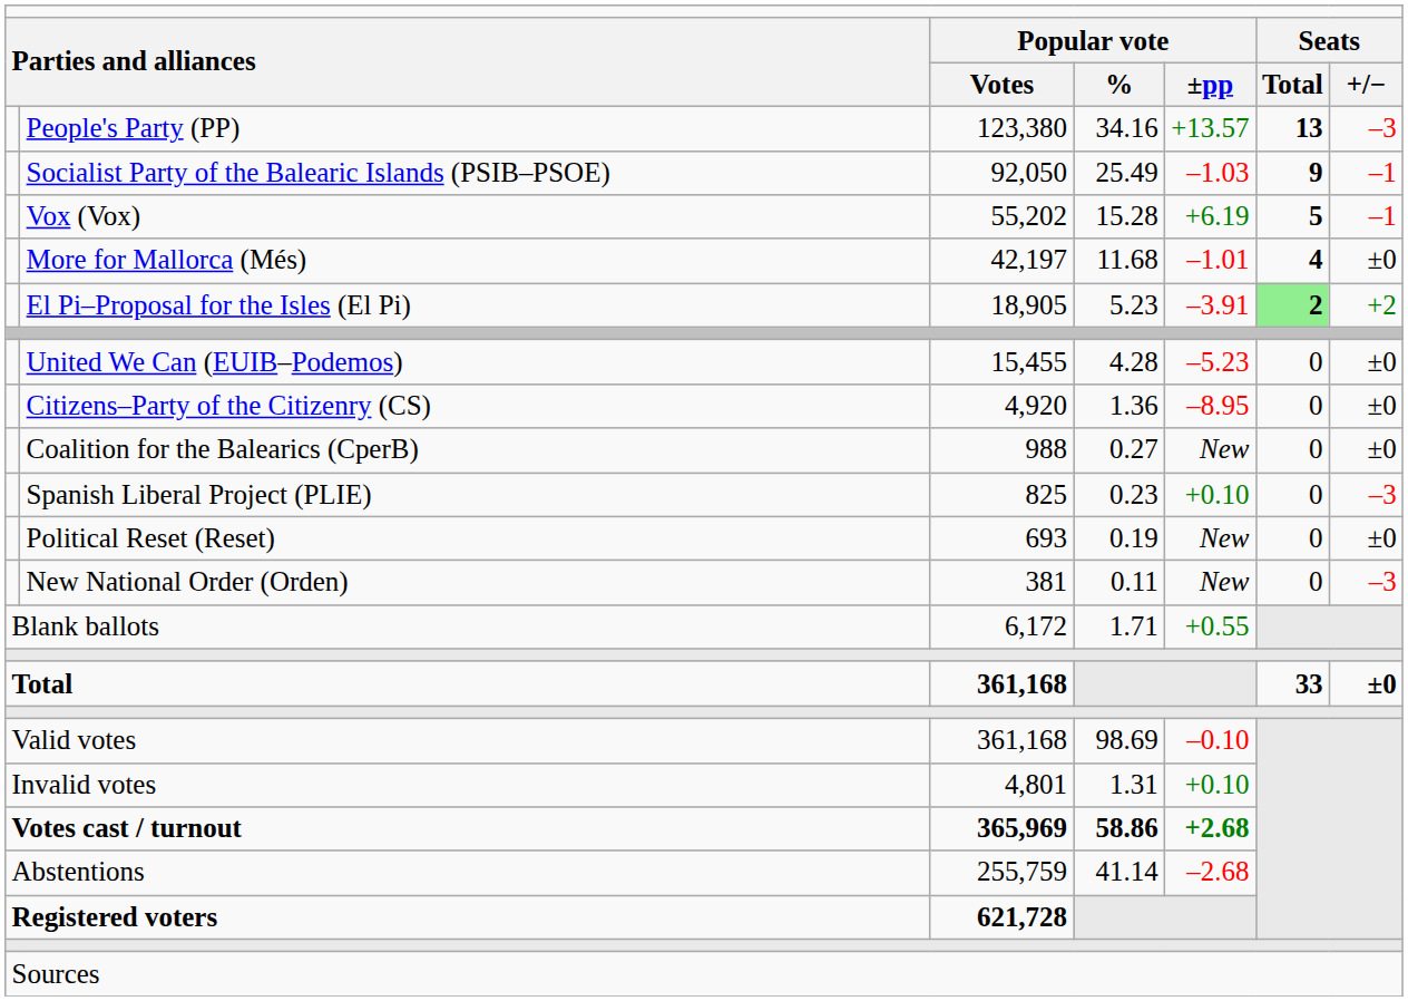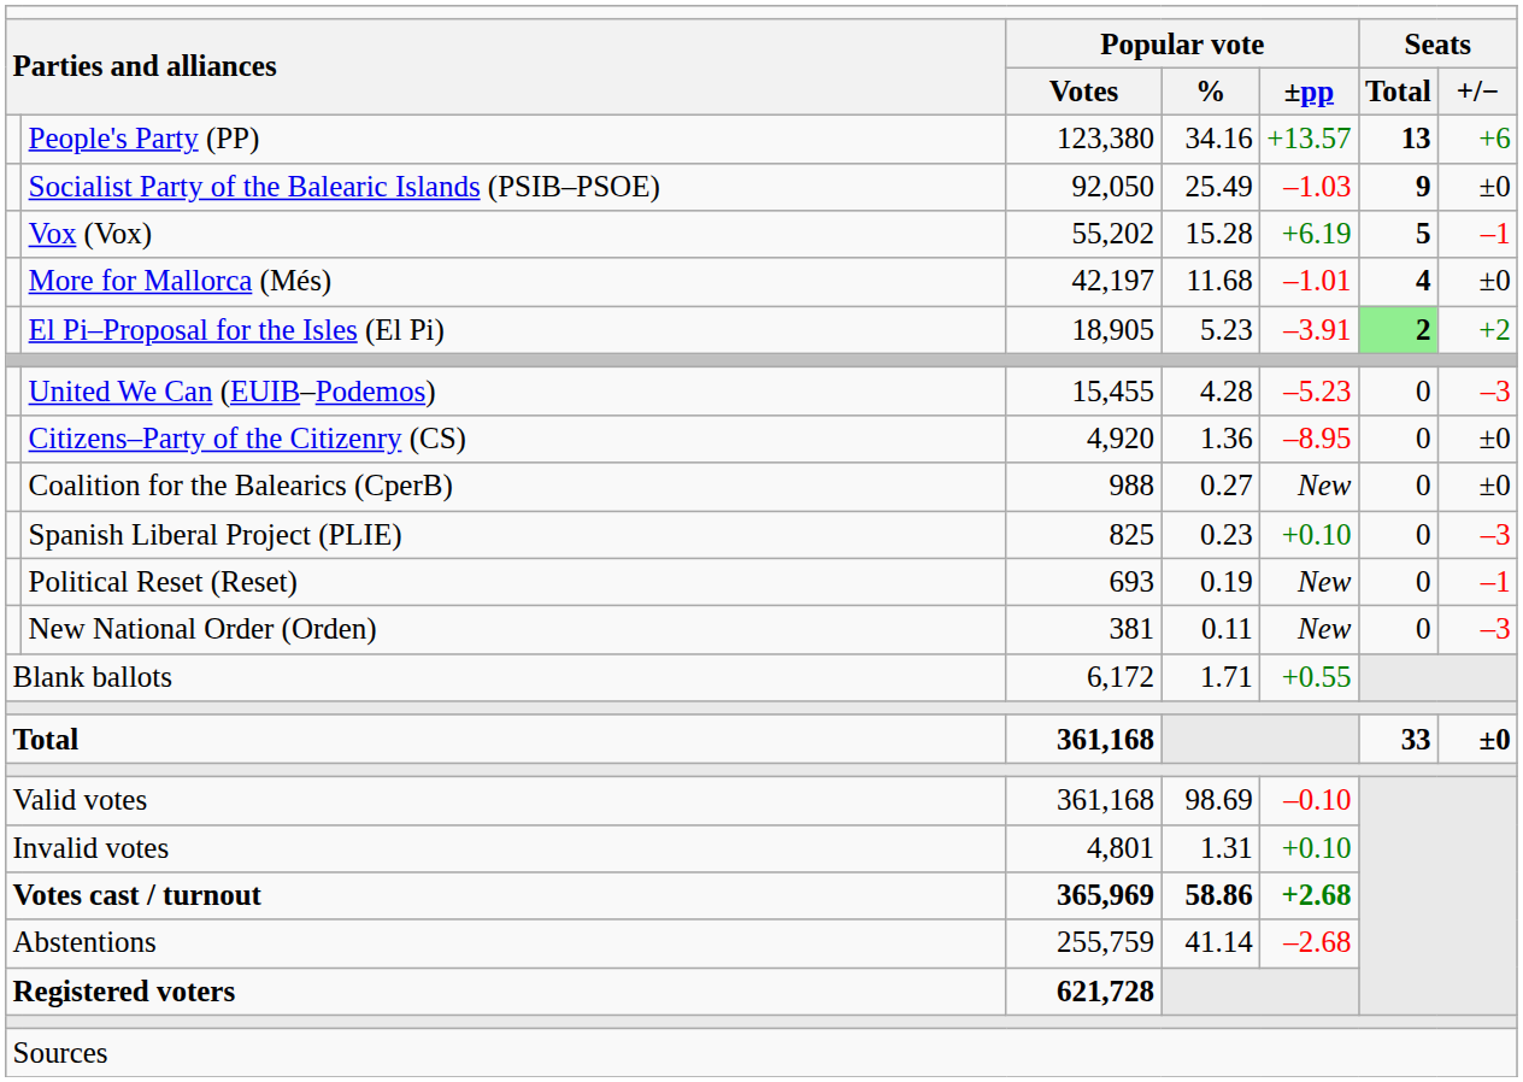 <table class="wikitable" style="text-align:right;">
 <tr>
 <td colspan="7"></td>
 </tr>
 <tr>
 <th style="text-align:left;" rowspan="2" colspan="2" width="525">Parties and alliances</th>
 <th colspan="3">Popular vote</th>
 <th colspan="2">Seats</th>
 </tr>
 <tr>
 <th width="75">Votes</th>
 <th width="45">%</th>
 <th width="45">±<a href='#'>pp</a></th>
 <th width="35">Total</th>
 <th width="35">+/−</th>
 </tr>
 <tr>
 <td width="1" style="color:inherit;background:"></td>
 <td align="left"><a href='#'>People's Party</a> (PP)</td>
 <td>123,380</td>
 <td>34.16</td>
 <td style="color:green;">+13.57</td>
 <td><strong>13</strong></td>
-<td style="color:red;">–3</td>
+<td style="color:green;">+6</td>
 </tr>
 <tr>
 <td style="color:inherit;background:"></td>
 <td align="left"><a href='#'>Socialist Party of the Balearic Islands</a> (PSIB–PSOE)</td>
 <td>92,050</td>
 <td>25.49</td>
 <td style="color:red;">–1.03</td>
 <td><strong>9</strong></td>
-<td style="color:red;">–1</td>
+<td>±0</td>
 </tr>
 <tr>
 <td style="color:inherit;background:"></td>
 <td align="left"><a href='#'>Vox</a> (Vox)</td>
 <td>55,202</td>
 <td>15.28</td>
 <td style="color:green;">+6.19</td>
 <td><strong>5</strong></td>
 <td style="color:red;">–1</td>
 </tr>
 <tr>
 <td style="color:inherit;background:"></td>
 <td align="left"><a href='#'>More for Mallorca</a> (Més)</td>
 <td>42,197</td>
 <td>11.68</td>
 <td style="color:red;">–1.01</td>
 <td><strong>4</strong></td>
 <td>±0</td>
 </tr>
 <tr>
 <td style="color:inherit;background:"></td>
 <td align="left"><a href='#'>El Pi–Proposal for the Isles</a> (El Pi)</td>
 <td>18,905</td>
 <td>5.23</td>
 <td style="color:red;">–3.91</td>
 <td style="background: lightgreen;"><strong>2</strong></td>
 <td style="color:green;">+2</td>
 </tr>
 <tr>
 <td colspan="7" bgcolor="#C0C0C0"></td>
 </tr>
 <tr>
 <td style="color:inherit;background:"></td>
 <td align="left"><a href='#'>United We Can</a> (<a href='#'>EUIB</a>–<a href='#'>Podemos</a>)</td>
 <td>15,455</td>
 <td>4.28</td>
 <td style="color:red;">–5.23</td>
 <td>0</td>
-<td>±0</td>
+<td style="color:red;">–3</td>
 </tr>
 <tr>
 <td style="color:inherit;background:"></td>
 <td align="left"><a href='#'>Citizens–Party of the Citizenry</a> (CS)</td>
 <td>4,920</td>
 <td>1.36</td>
 <td style="color:red;">–8.95</td>
 <td>0</td>
 <td>±0</td>
 </tr>
 <tr>
 <td style="color:inherit;background:"></td>
 <td align="left">Coalition for the Balearics (CperB)</td>
 <td>988</td>
 <td>0.27</td>
 <td><em>New</em></td>
 <td>0</td>
 <td>±0</td>
 </tr>
 <tr>
 <td style="color:inherit;background:"></td>
 <td align="left">Spanish Liberal Project (PLIE)</td>
 <td>825</td>
 <td>0.23</td>
 <td style="color:green;">+0.10</td>
 <td>0</td>
 <td style="color:red;">–3</td>
 </tr>
 <tr>
 <td style="color:inherit;background:"></td>
 <td align="left">Political Reset (Reset)</td>
 <td>693</td>
 <td>0.19</td>
 <td><em>New</em></td>
 <td>0</td>
-<td>±0</td>
+<td style="color:red;">–1</td>
 </tr>
 <tr>
 <td style="color:inherit;background:"></td>
 <td align="left">New National Order (Orden)</td>
 <td>381</td>
 <td>0.11</td>
 <td><em>New</em></td>
 <td>0</td>
 <td style="color:red;">–3</td>
 </tr>
 <tr>
 <td align="left" colspan="2">Blank ballots</td>
 <td>6,172</td>
 <td>1.71</td>
 <td style="color:green;">+0.55</td>
 <td bgcolor="#E9E9E9" colspan="2"></td>
 </tr>
 <tr>
 <td colspan="7" bgcolor="#E9E9E9"></td>
 </tr>
 <tr style="font-weight:bold;">
 <td align="left" colspan="2">Total</td>
 <td>361,168</td>
 <td bgcolor="#E9E9E9" colspan="2"></td>
 <td>33</td>
 <td>±0</td>
 </tr>
 <tr>
 <td colspan="7" bgcolor="#E9E9E9"></td>
 </tr>
 <tr>
 <td align="left" colspan="2">Valid votes</td>
 <td>361,168</td>
 <td>98.69</td>
 <td style="color:red;">–0.10</td>
 <td bgcolor="#E9E9E9" colspan="2" rowspan="5"></td>
 </tr>
 <tr>
 <td align="left" colspan="2">Invalid votes</td>
 <td>4,801</td>
 <td>1.31</td>
 <td style="color:green;">+0.10</td>
 </tr>
 <tr style="font-weight:bold;">
 <td align="left" colspan="2">Votes cast / turnout</td>
 <td>365,969</td>
 <td>58.86</td>
 <td style="color:green;">+2.68</td>
 </tr>
 <tr>
 <td align="left" colspan="2">Abstentions</td>
 <td>255,759</td>
 <td>41.14</td>
 <td style="color:red;">–2.68</td>
 </tr>
 <tr style="font-weight:bold;">
 <td align="left" colspan="2">Registered voters</td>
 <td>621,728</td>
 <td bgcolor="#E9E9E9" colspan="2"></td>
 </tr>
 <tr>
 <td colspan="7" bgcolor="#E9E9E9"></td>
 </tr>
 <tr>
 <td align="left" colspan="7">Sources</td>
 </tr>
 </table>
